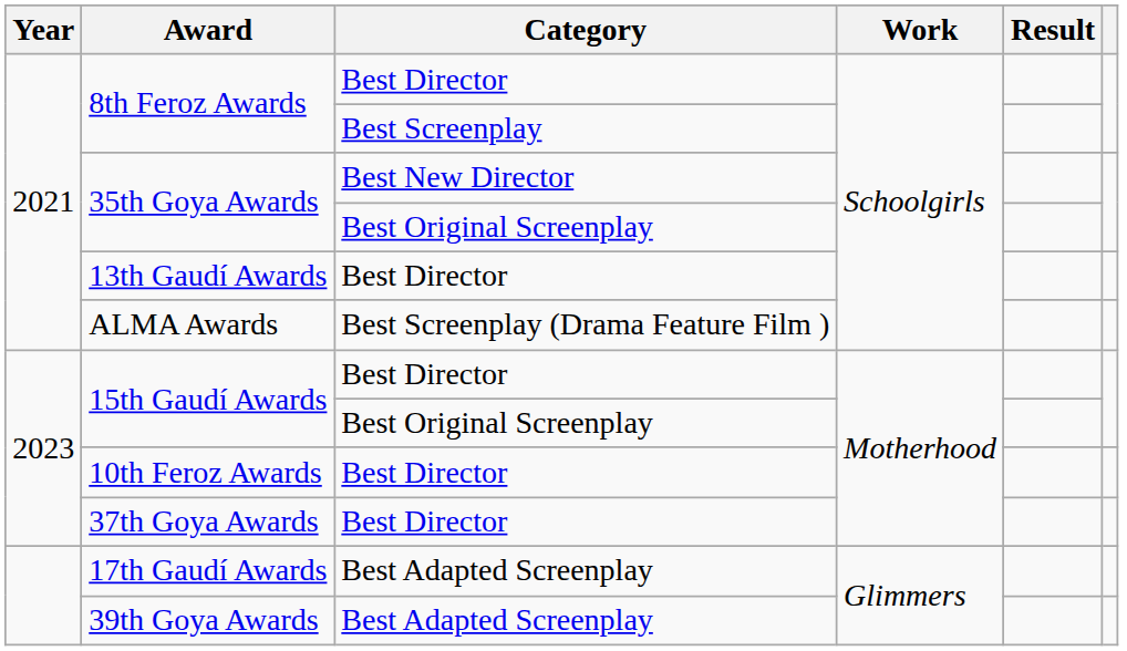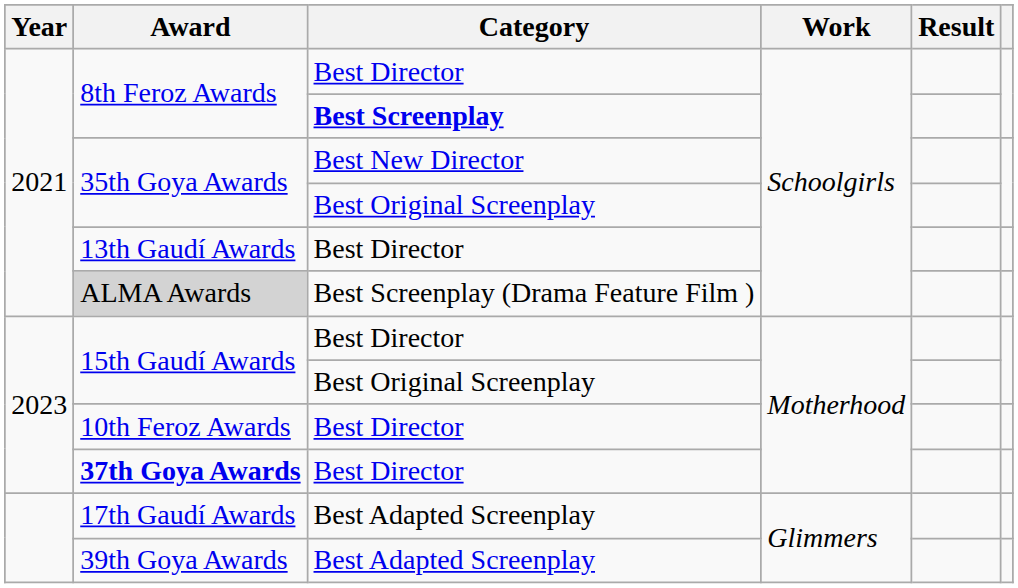 <table class="wikitable sortable plainrowheaders">
 <tr>
 <th>Year</th>
 <th>Award</th>
 <th>Category</th>
 <th>Work</th>
 <th>Result</th>
 <th scope="col" class="unsortable"></th>
 </tr>
 <tr>
 <td align = "center" rowspan = "6">2021</td>
 <td rowspan = "2"><a href='#'>8th Feroz Awards</a></td>
 <td><a href='#'>Best Director</a></td>
 <td rowspan = "6"><em>Schoolgirls</em></td>
 <td></td>
 <td rowspan = "2" align = "center"></td>
 </tr>
 <tr>
-<td><a href='#'>Best Screenplay</a></td>
+<td><strong><a href='#'>Best Screenplay</a></strong></td>
 <td></td>
 </tr>
 <tr>
 <td rowspan = "2"><a href='#'>35th Goya Awards</a></td>
 <td><a href='#'>Best New Director</a></td>
 <td></td>
 <td align = "center" rowspan = "2"></td>
 </tr>
 <tr>
 <td><a href='#'>Best Original Screenplay</a></td>
 <td></td>
 </tr>
 <tr>
 <td><a href='#'>13th Gaudí Awards</a></td>
 <td>Best Director</td>
 <td></td>
 <td align = "center"></td>
 </tr>
 <tr>
-<td>ALMA Awards</td>
+<td style="background: lightgrey;">ALMA Awards</td>
 <td>Best Screenplay (Drama Feature Film )</td>
 <td></td>
 <td align = "center"></td>
 </tr>
 <tr>
 <td align = "center" rowspan = "4">2023</td>
 <td rowspan = "2"><a href='#'>15th Gaudí Awards</a></td>
 <td>Best Director</td>
 <td rowspan = "4"><em>Motherhood</em></td>
 <td></td>
 <td rowspan = "2" align = "center"></td>
 </tr>
 <tr>
 <td>Best Original Screenplay</td>
 <td></td>
 </tr>
 <tr>
 <td><a href='#'>10th Feroz Awards</a></td>
 <td><a href='#'>Best Director</a></td>
 <td></td>
 <td align = "center"></td>
 </tr>
 <tr>
-<td><a href='#'>37th Goya Awards</a></td>
+<td><strong><a href='#'>37th Goya Awards</a></strong></td>
 <td><a href='#'>Best Director</a></td>
 <td></td>
 <td align = "center"></td>
 </tr>
 <tr>
 <td rowspan = "2"></td>
 <td><a href='#'>17th Gaudí Awards</a></td>
 <td>Best Adapted Screenplay</td>
 <td rowspan = "2"><em>Glimmers</em></td>
 <td></td>
 <td></td>
 </tr>
 <tr>
 <td><a href='#'>39th Goya Awards</a></td>
 <td><a href='#'>Best Adapted Screenplay</a></td>
 <td></td>
 <td></td>
 </tr>
 </table>
